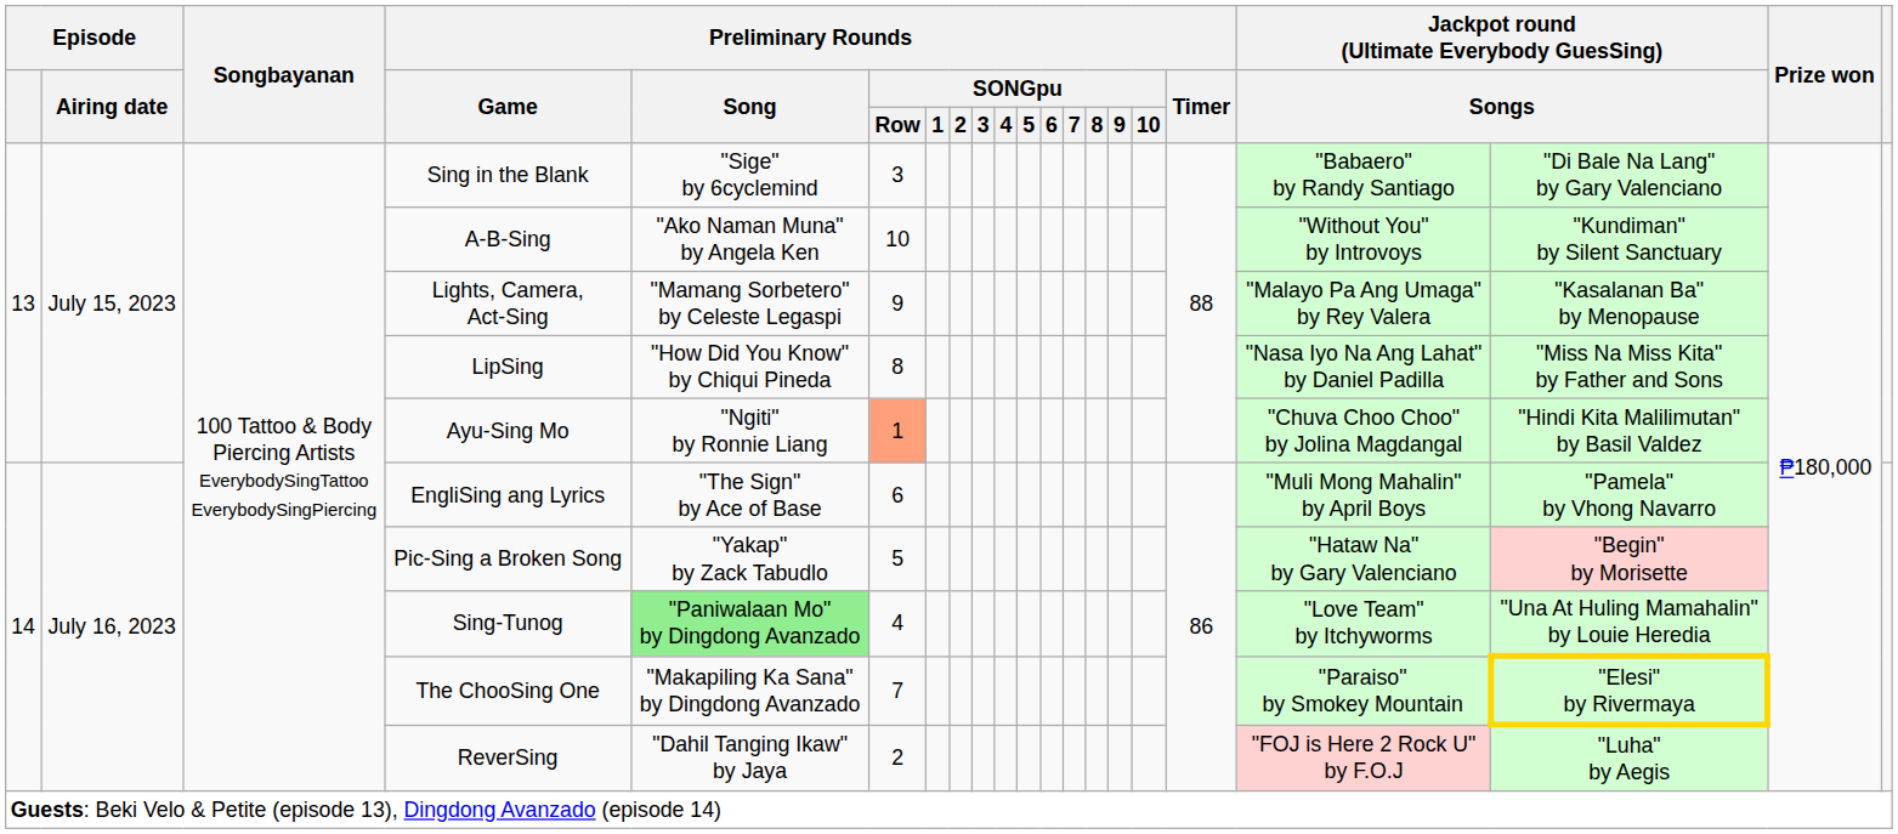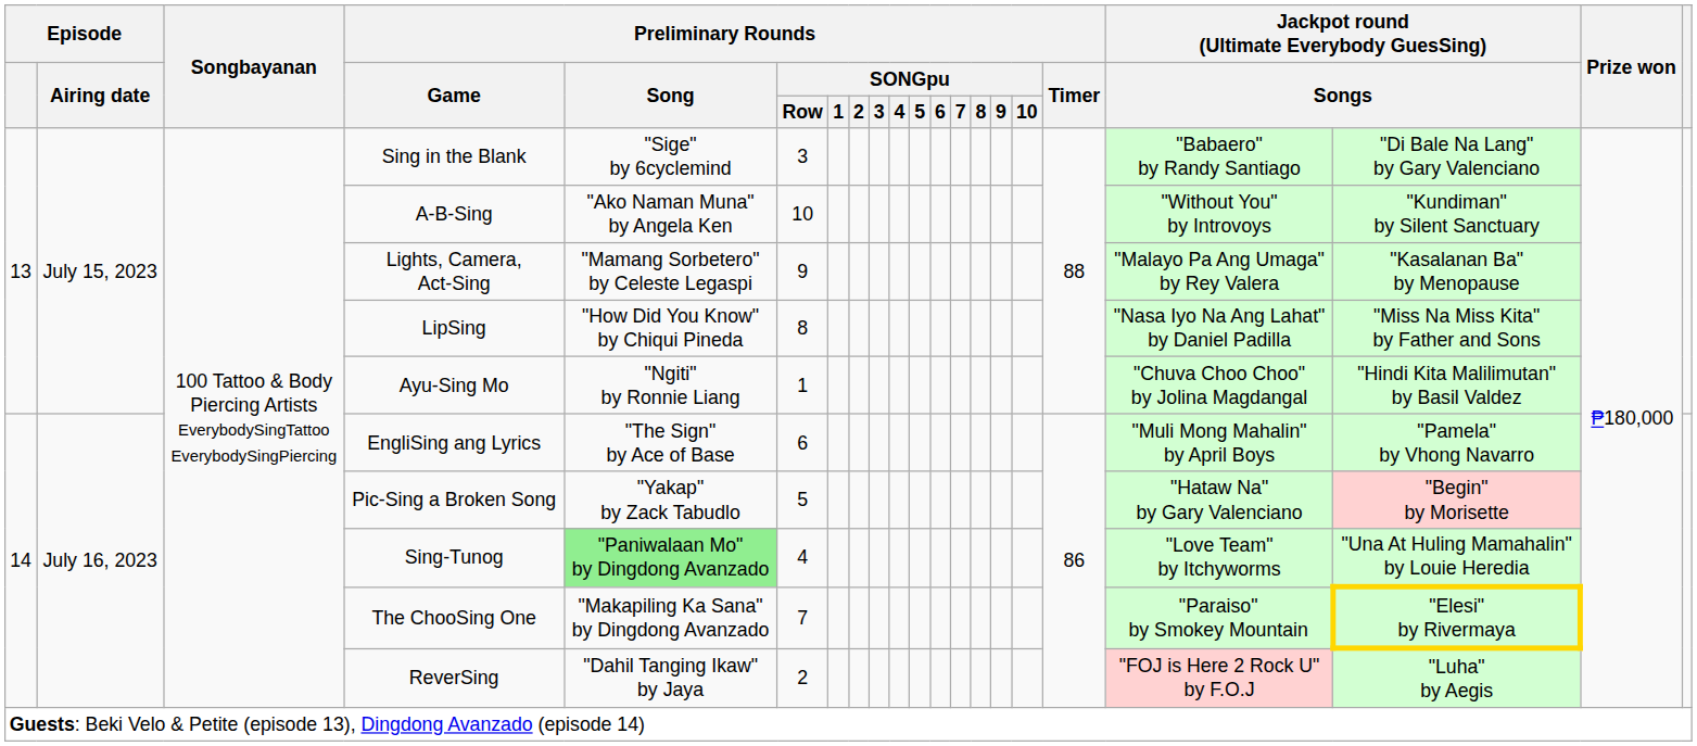 <table class="wikitable mw-collapsible mw-collapsed" style="text-align:center; font-size:90%; line-height:18px;" width="100%">
 <tr>
 <th colspan=2>Episode</th>
 <th rowspan=3>Songbayanan</th>
 <th colspan=14>Preliminary Rounds</th>
 <th colspan=2>Jackpot round<br><strong>(Ultimate Everybody GuesSing)</strong></th>
 <th rowspan=3>Prize won</th>
 <th rowspan=3></th>
 </tr>
 <tr>
 <th rowspan=2></th>
 <th rowspan=2>Airing date</th>
 <th rowspan=2>Game</th>
 <th rowspan=2>Song</th>
 <th colspan=11>SONGpu</th>
 <th rowspan=2>Timer</th>
 <th colspan=2 rowspan=2>Songs</th>
 </tr>
 <tr>
 <th>Row</th>
 <th>1</th>
 <th>2</th>
 <th>3</th>
 <th>4</th>
 <th>5</th>
 <th>6</th>
 <th>7</th>
 <th>8</th>
 <th>9</th>
 <th>10</th>
 </tr>
 <tr>
 <td rowspan=5>13</td>
 <td rowspan=5>July 15, 2023</td>
 <td rowspan=10>100 Tattoo & Body<br>Piercing Artists<br><small>EverybodySingTattoo<br>EverybodySingPiercing</small></td>
 <td>Sing in the Blank</td>
 <td>"Sige"<br>by 6cyclemind</td>
 <td>3</td>
 <td></td>
 <td></td>
 <td></td>
 <td></td>
 <td></td>
 <td></td>
 <td></td>
 <td></td>
 <td></td>
 <td></td>
 <td rowspan=5>88<br></td>
 <td bgcolor=D2FFD2>"Babaero"<br>by Randy Santiago</td>
 <td bgcolor=D2FFD2>"Di Bale Na Lang"<br>by Gary Valenciano</td>
 <td rowspan=10><a href='#'>₱</a>180,000</td>
 <td rowspan=5><br></td>
 </tr>
 <tr>
 <td>A-B-Sing</td>
 <td>"Ako Naman Muna"<br>by Angela Ken</td>
 <td>10</td>
 <td></td>
 <td></td>
 <td></td>
 <td></td>
 <td></td>
 <td></td>
 <td></td>
 <td></td>
 <td></td>
 <td></td>
 <td bgcolor=D2FFD2>"Without You"<br>by Introvoys</td>
 <td bgcolor=D2FFD2>"Kundiman"<br>by Silent Sanctuary</td>
 </tr>
 <tr>
 <td>Lights, Camera,<br>Act-Sing</td>
 <td>"Mamang Sorbetero"<br>by Celeste Legaspi</td>
 <td>9</td>
 <td></td>
 <td></td>
 <td></td>
 <td></td>
 <td></td>
 <td></td>
 <td></td>
 <td></td>
 <td></td>
 <td></td>
 <td bgcolor=D2FFD2>"Malayo Pa Ang Umaga"<br>by Rey Valera</td>
 <td bgcolor=D2FFD2>"Kasalanan Ba"<br>by Menopause</td>
 </tr>
 <tr>
 <td>LipSing</td>
 <td>"How Did You Know"<br>by Chiqui Pineda</td>
 <td>8</td>
 <td></td>
 <td></td>
 <td></td>
 <td></td>
 <td></td>
 <td></td>
 <td></td>
 <td></td>
 <td></td>
 <td></td>
 <td bgcolor=D2FFD2>"Nasa Iyo Na Ang Lahat"<br>by Daniel Padilla</td>
 <td bgcolor=D2FFD2>"Miss Na Miss Kita"<br>by Father and Sons</td>
 </tr>
 <tr>
 <td>Ayu-Sing Mo</td>
 <td>"Ngiti"<br>by Ronnie Liang</td>
-<td style="background: lightsalmon;">1</td>
+<td>1</td>
 <td></td>
 <td></td>
 <td></td>
 <td></td>
 <td></td>
 <td></td>
 <td></td>
 <td></td>
 <td></td>
 <td></td>
 <td bgcolor=D2FFD2>"Chuva Choo Choo"<br>by Jolina Magdangal</td>
 <td bgcolor=D2FFD2>"Hindi Kita Malilimutan"<br>by Basil Valdez</td>
 </tr>
 <tr>
 <td rowspan=5>14</td>
 <td rowspan=5>July 16, 2023</td>
 <td>EngliSing ang Lyrics</td>
 <td>"The Sign"<br>by Ace of Base</td>
 <td>6</td>
 <td></td>
 <td></td>
 <td></td>
 <td></td>
 <td></td>
 <td></td>
 <td></td>
 <td></td>
 <td></td>
 <td></td>
 <td rowspan=5>86<br></td>
 <td bgcolor=D2FFD2>"Muli Mong Mahalin"<br>by April Boys</td>
 <td bgcolor=D2FFD2>"Pamela"<br>by Vhong Navarro</td>
 <td rowspan=5><br></td>
 </tr>
 <tr>
 <td>Pic-Sing a Broken Song</td>
 <td>"Yakap"<br>by Zack Tabudlo</td>
 <td>5</td>
 <td></td>
 <td></td>
 <td></td>
 <td></td>
 <td></td>
 <td></td>
 <td></td>
 <td></td>
 <td></td>
 <td></td>
 <td bgcolor=D2FFD2>"Hataw Na"<br>by Gary Valenciano</td>
 <td bgcolor=FFD2D2>"Begin"<br>by Morisette</td>
 </tr>
 <tr>
 <td>Sing-Tunog</td>
 <td style="background: lightgreen;">"Paniwalaan Mo"<br>by Dingdong Avanzado</td>
 <td>4</td>
 <td></td>
 <td></td>
 <td></td>
 <td></td>
 <td></td>
 <td></td>
 <td></td>
 <td></td>
 <td></td>
 <td></td>
 <td bgcolor=D2FFD2>"Love Team"<br>by Itchyworms</td>
 <td bgcolor=D2FFD2>"Una At Huling Mamahalin"<br>by Louie Heredia</td>
 </tr>
 <tr>
 <td>The ChooSing One</td>
 <td>"Makapiling Ka Sana"<br>by Dingdong Avanzado</td>
 <td>7</td>
 <td></td>
 <td></td>
 <td></td>
 <td></td>
 <td></td>
 <td></td>
 <td></td>
 <td></td>
 <td></td>
 <td></td>
 <td bgcolor=D2FFD2>"Paraiso"<br>by Smokey Mountain</td>
 <td style="background: #D2FFD2; border:solid 4px #FFD700;">"Elesi"<br>by Rivermaya</td>
 </tr>
 <tr>
 <td>ReverSing</td>
 <td>"Dahil Tanging Ikaw"<br>by Jaya</td>
 <td>2</td>
 <td></td>
 <td></td>
 <td></td>
 <td></td>
 <td></td>
 <td></td>
 <td></td>
 <td></td>
 <td></td>
 <td></td>
 <td bgcolor=FFD2D2>"FOJ is Here 2 Rock U"<br>by F.O.J</td>
 <td bgcolor=D2FFD2>"Luha"<br>by Aegis</td>
 </tr>
 <tr>
 <td colspan=21 style="background:white;" align="left"><strong>Guests</strong>: Beki Velo & Petite (episode 13), <a href='#'>Dingdong Avanzado</a> (episode 14)</td>
 </tr>
 </table>
